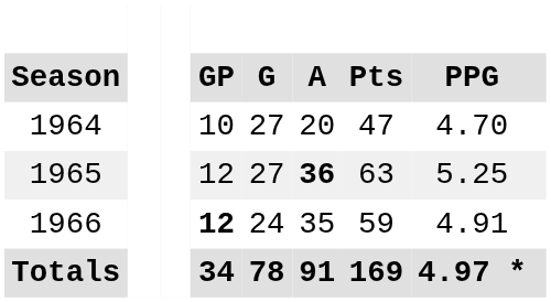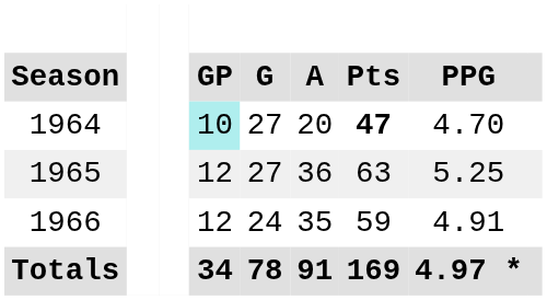 <table BORDER="0" CELLPADDING="3" CELLSPACING="0">
 <tr ALIGN="center" bgcolor="#e0e0e0">
 <th colspan="1" bgcolor="#ffffff"> </th>
 <th rowspan="99" bgcolor="#ffffff"> </th>
 <th rowspan="99" bgcolor="#ffffff"> </th>
 </tr>
 <tr ALIGN="center" bgcolor="#e0e0e0">
 <th>Season</th>
 <th>GP</th>
 <th>G</th>
 <th>A</th>
 <th>Pts</th>
 <th>PPG</th>
 <th></th>
 </tr>
 <tr ALIGN="center">
 <td>1964</td>
-<td>10</td>
+<td style="background: paleturquoise;">10</td>
 <td>27</td>
 <td>20</td>
-<td>47</td>
+<td><strong>47</strong></td>
 <td>4.70</td>
 <td></td>
 </tr>
 <tr ALIGN="center" bgcolor="#f0f0f0">
 <td>1965</td>
 <td>12</td>
 <td>27</td>
-<td><strong>36</strong></td>
+<td>36</td>
 <td>63</td>
 <td>5.25</td>
 <td></td>
 </tr>
 <tr ALIGN="center">
 <td>1966</td>
-<td><strong>12</strong></td>
+<td>12</td>
 <td>24</td>
 <td>35</td>
 <td>59</td>
 <td>4.91</td>
 <td></td>
 </tr>
 <tr ALIGN="center"  bgcolor="#e0e0e0">
 <th colspan="1.5">Totals</th>
 <th>34</th>
 <th>78</th>
 <th>91</th>
 <th>169</th>
 <th>4.97 *</th>
 <th></th>
 </tr>
 </table>
